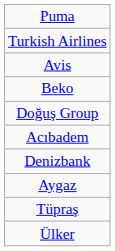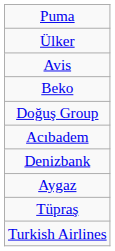 <table class="wikitable" style="text-align: center">
 <tr>
 <td><a href='#'>Puma</a></td>
 </tr>
 <tr>
-<td><a href='#'>Turkish Airlines</a></td>
+<td><a href='#'>Ülker</a></td>
 </tr>
 <tr>
 <td><a href='#'>Avis</a></td>
 </tr>
 <tr>
 <td><a href='#'>Beko</a></td>
 </tr>
 <tr>
 <td><a href='#'>Doğuş Group</a></td>
 </tr>
 <tr>
 <td><a href='#'>Acıbadem</a></td>
 </tr>
 <tr>
 <td><a href='#'>Denizbank</a></td>
 </tr>
 <tr>
 <td><a href='#'>Aygaz</a></td>
 </tr>
 <tr>
 <td><a href='#'>Tüpraş</a></td>
 </tr>
 <tr>
-<td><a href='#'>Ülker</a></td>
+<td><a href='#'>Turkish Airlines</a></td>
 </tr>
 </table>
